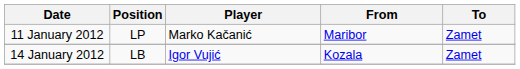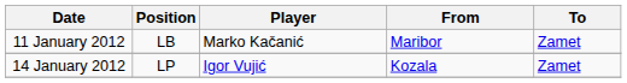 <table class="wikitable" style="font-size:95%; text-align:center;">
 <tr>
 <th width=120>Date</th>
 <th width=60>Position</th>
 <th width=180>Player</th>
 <th width=140>From</th>
 <th width=80>To</th>
 </tr>
 <tr>
 <td>11 January 2012</td>
-<td>LP</td>
+<td>LB</td>
 <td style="text-align:left;"> Marko Kačanić</td>
 <td style="text-align:left;"> <a href='#'>Maribor</a></td>
 <td style="text-align:left;"><a href='#'>Zamet</a></td>
 </tr>
 <tr>
 </tr>
 <tr>
 <td>14 January 2012</td>
-<td>LB</td>
+<td>LP</td>
 <td style="text-align:left;"> <a href='#'>Igor Vujić</a></td>
 <td style="text-align:left;"> <a href='#'>Kozala</a></td>
 <td style="text-align:left;"><a href='#'>Zamet</a></td>
 </tr>
 <tr>
 </tr>
 </table>
